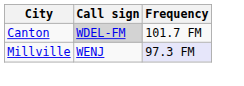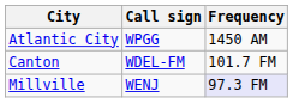 <table class="wikitable">
 <tr>
 <th scope="col">City</th>
 <th scope="col">Call sign</th>
 <th scope="col">Frequency</th>
 </tr>
 <tr>
+<td><a href='#'>Atlantic City</a></td>
+<td><a href='#'>WPGG</a></td>
+<td>1450 AM</td>
+</tr>
+<tr>
 <td><a href='#'>Canton</a></td>
-<td style="background: lightgrey;"><a href='#'>WDEL-FM</a></td>
+<td><a href='#'>WDEL-FM</a></td>
 <td>101.7 FM</td>
 </tr>
 <tr>
 <td><a href='#'>Millville</a></td>
 <td><a href='#'>WENJ</a></td>
 <td style="background: lavender;">97.3 FM</td>
 </tr>
 </table>
